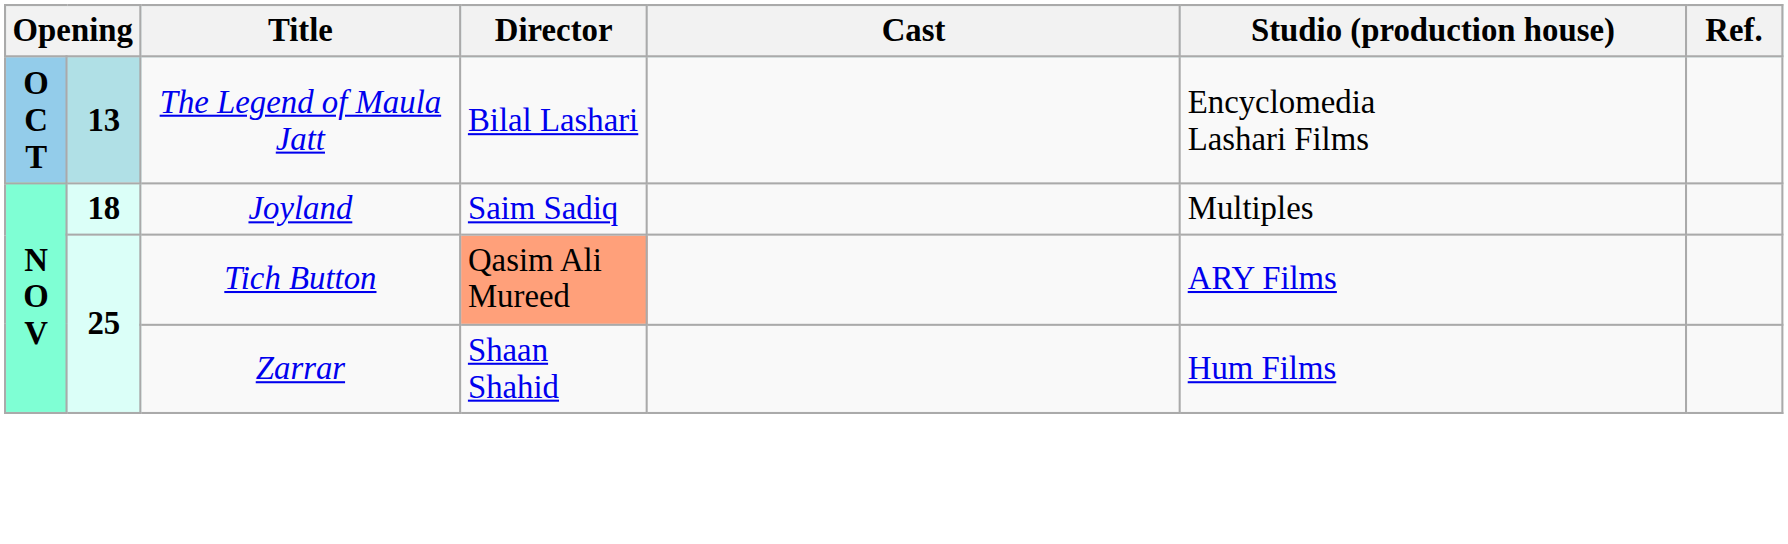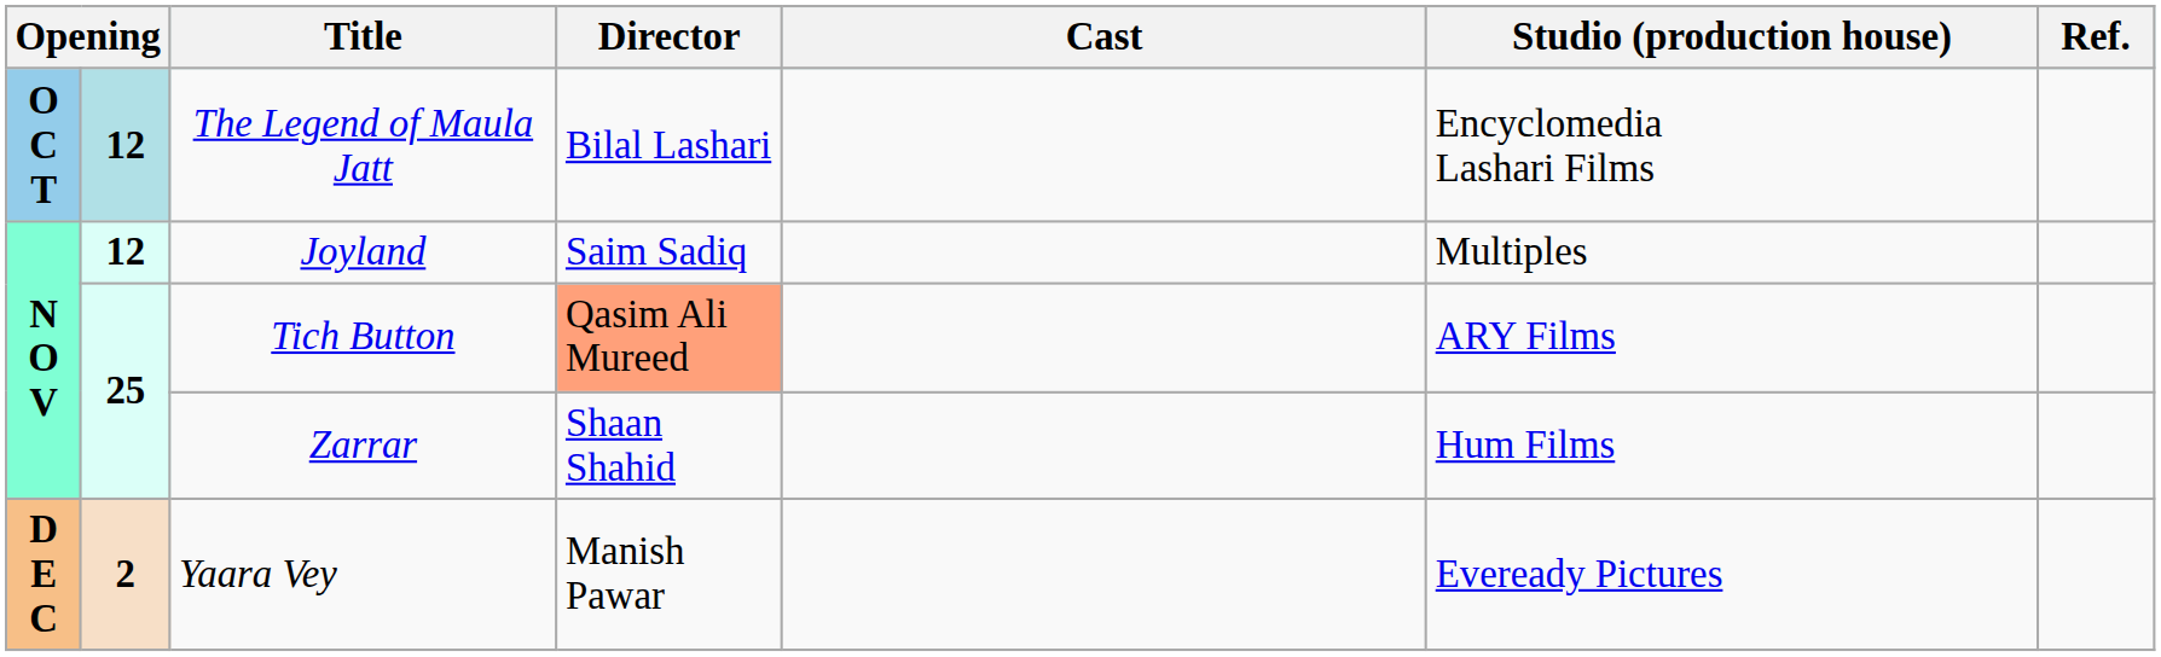 <table class="wikitable">
 <tr style="background:#b0e0e6; text-align:center;">
 <th colspan="2" style="width:6%;"><strong>Opening</strong></th>
 <th style="width:18%;"><strong>Title</strong></th>
 <th style="width:10.5%;"><strong>Director</strong></th>
 <th style="width:30%;"><strong>Cast</strong></th>
 <th>Studio (production house)</th>
 <th>Ref.</th>
 </tr>
 <tr October>
 <td rowspan="1" style="text-align:center; background:#93CCEA; textcolor:#000;"><strong>O<br>C<br>T</strong></td>
-<td style="text-align:center;background:#B0E0E6;"><strong>13</strong></td>
+<td style="text-align:center;background:#B0E0E6;"><strong>12</strong></td>
 <td style="text-align:center;"><em><a href='#'>The Legend of Maula Jatt</a></em></td>
 <td><a href='#'>Bilal Lashari</a></td>
 <td></td>
 <td>Encyclomedia<br>Lashari Films</td>
 <td></td>
 </tr>
 <tr>
 <td rowspan="3" style="text-align:center; background:#7FFFD4;"><strong>N<br>O<br>V</strong></td>
-<td style="text-align:center;background:#dbfff8;"><strong>18</strong></td>
+<td style="text-align:center;background:#dbfff8;"><strong>12</strong></td>
 <td style="text-align:center;"><em><a href='#'>Joyland</a></em></td>
 <td><a href='#'>Saim Sadiq</a></td>
 <td></td>
 <td>Multiples</td>
 <td></td>
 </tr>
 <tr>
 <td rowspan="2" style="text-align:center;background:#dbfff8;"><strong>25</strong></td>
 <td style="text-align:center;"><em><a href='#'>Tich Button</a></em></td>
 <td style="background: lightsalmon;">Qasim Ali Mureed</td>
 <td></td>
 <td><a href='#'>ARY Films</a></td>
 <td></td>
 </tr>
 <tr>
 <td style="text-align:center;"><em><a href='#'>Zarrar</a></em></td>
 <td><a href='#'>Shaan Shahid</a></td>
 <td></td>
 <td><a href='#'>Hum Films</a></td>
 <td></td>
 </tr>
+<tr December>
+<td rowspan="1" style="text-align:center; background:#f7bf87; textcolor:#000;"><strong>D<br>E<br>C</strong></td>
+<td style="text-align:center;background:#f7dfc7;"><strong>2</strong></td>
+<td><em>Yaara Vey</em></td>
+<td>Manish Pawar</td>
+<td></td>
+<td><a href='#'>Eveready Pictures</a></td>
+<td></td>
+</tr>
 </table>
